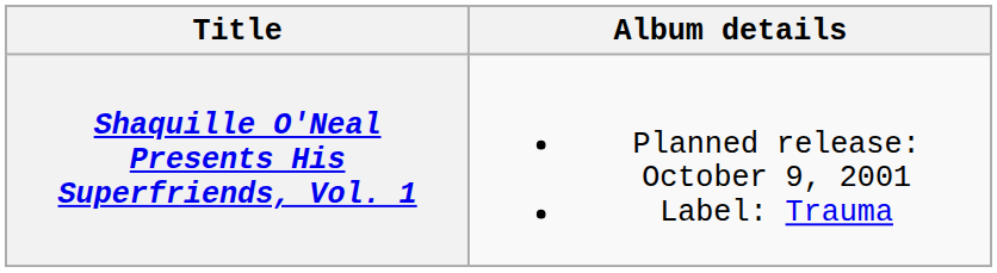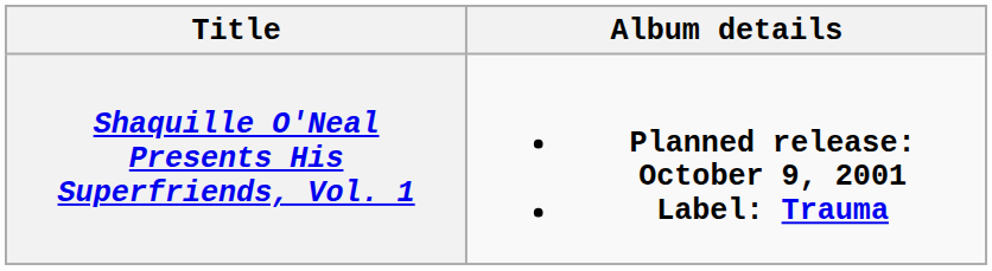 <table class="wikitable plainrowheaders" style="text-align:center;">
 <tr>
 <th scope="col" style="width:15em;">Title</th>
 <th scope="col" style="width:17em;">Album details</th>
 </tr>
 <tr>
 <th scope="row"><em><a href='#'>Shaquille O'Neal Presents His Superfriends, Vol. 1</a></em></th>
-<td><br><ul><li>Planned release: October 9, 2001</li><li>Label: <a href='#'>Trauma</a></li></ul></td>
+<td><strong><br><ul><li>Planned release: October 9, 2001</li><li>Label: <a href='#'>Trauma</a></li></ul></strong></td>
 </tr>
 </table>
